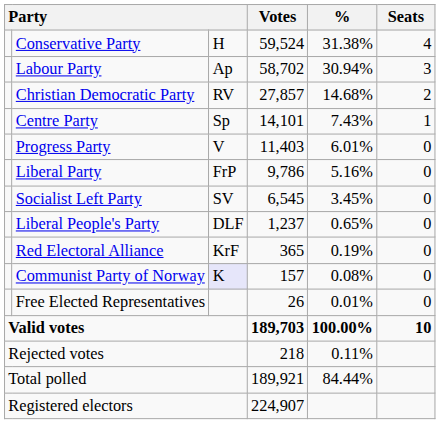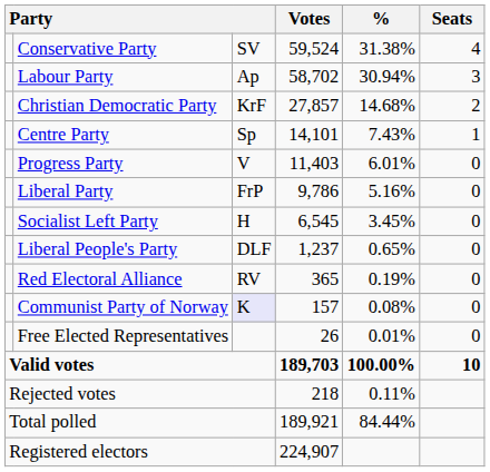 <table class="wikitable" border="1" style="text-align:right;">
 <tr>
 <th style="text-align:left;" colspan=3>Party</th>
 <th align=center width="50">Votes</th>
 <th align=center width="50">%</th>
 <th align=center width="50">Seats</th>
 </tr>
 <tr>
 <td style="color:inherit;background:"></td>
 <td align=left><a href='#'>Conservative Party</a></td>
-<td align=left>H</td>
+<td align=left>SV</td>
 <td>59,524</td>
 <td>31.38%</td>
 <td>4</td>
 </tr>
 <tr>
 <td style="color:inherit;background:"></td>
 <td align=left><a href='#'>Labour Party</a></td>
 <td align=left>Ap</td>
 <td>58,702</td>
 <td>30.94%</td>
 <td>3</td>
 </tr>
 <tr>
 <td style="color:inherit;background:"></td>
 <td align=left><a href='#'>Christian Democratic Party</a></td>
-<td align=left>RV</td>
+<td align=left>KrF</td>
 <td>27,857</td>
 <td>14.68%</td>
 <td>2</td>
 </tr>
 <tr>
 <td style="color:inherit;background:"></td>
 <td align=left><a href='#'>Centre Party</a></td>
 <td align=left>Sp</td>
 <td>14,101</td>
 <td>7.43%</td>
 <td>1</td>
 </tr>
 <tr>
 <td style="color:inherit;background:"></td>
 <td align=left><a href='#'>Progress Party</a></td>
 <td align=left>V</td>
 <td>11,403</td>
 <td>6.01%</td>
 <td>0</td>
 </tr>
 <tr>
 <td style="color:inherit;background:"></td>
 <td align=left><a href='#'>Liberal Party</a></td>
 <td align=left>FrP</td>
 <td>9,786</td>
 <td>5.16%</td>
 <td>0</td>
 </tr>
 <tr>
 <td style="color:inherit;background:"></td>
 <td align=left><a href='#'>Socialist Left Party</a></td>
-<td align=left>SV</td>
+<td align=left>H</td>
 <td>6,545</td>
 <td>3.45%</td>
 <td>0</td>
 </tr>
 <tr>
 <td style="color:inherit;background:"></td>
 <td align=left><a href='#'>Liberal People's Party</a></td>
 <td align=left>DLF</td>
 <td>1,237</td>
 <td>0.65%</td>
 <td>0</td>
 </tr>
 <tr>
 <td style="color:inherit;background:"></td>
 <td align=left><a href='#'>Red Electoral Alliance</a></td>
-<td align=left>KrF</td>
+<td align=left>RV</td>
 <td>365</td>
 <td>0.19%</td>
 <td>0</td>
 </tr>
 <tr>
 <td style="color:inherit;background:"></td>
 <td align=left><a href='#'>Communist Party of Norway</a></td>
 <td align=left style="background: lavender;">K</td>
 <td>157</td>
 <td>0.08%</td>
 <td>0</td>
 </tr>
 <tr>
 <td></td>
 <td align=left>Free Elected Representatives</td>
 <td align=left></td>
 <td>26</td>
 <td>0.01%</td>
 <td>0</td>
 </tr>
 <tr style="font-weight:bold">
 <td align=left colspan=3>Valid votes</td>
 <td>189,703</td>
 <td>100.00%</td>
 <td>10</td>
 </tr>
 <tr>
 <td align=left colspan=3>Rejected votes</td>
 <td>218</td>
 <td>0.11%</td>
 <td></td>
 </tr>
 <tr>
 <td align=left colspan=3>Total polled</td>
 <td>189,921</td>
 <td>84.44%</td>
 <td></td>
 </tr>
 <tr>
 <td align=left colspan=3>Registered electors</td>
 <td>224,907</td>
 <td></td>
 <td></td>
 </tr>
 </table>
